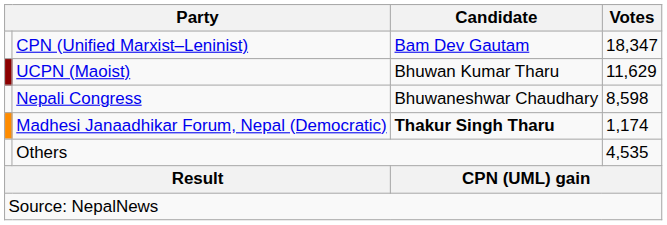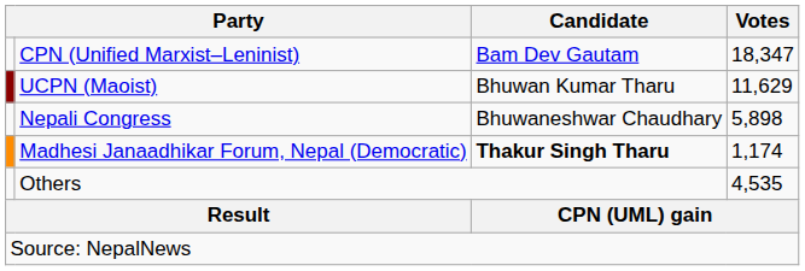 <table class="wikitable">
 <tr>
 <th colspan="2">Party</th>
 <th>Candidate</th>
 <th>Votes</th>
 </tr>
 <tr>
 <td style="background-color:"></td>
 <td><a href='#'>CPN (Unified Marxist–Leninist)</a></td>
 <td><a href='#'>Bam Dev Gautam</a></td>
 <td>18,347</td>
 </tr>
 <tr>
 <td style="background-color:darkred"></td>
 <td><a href='#'>UCPN (Maoist)</a></td>
 <td>Bhuwan Kumar Tharu</td>
 <td>11,629</td>
 </tr>
 <tr>
 <td style="background-color:"></td>
 <td><a href='#'>Nepali Congress</a></td>
 <td>Bhuwaneshwar Chaudhary</td>
-<td>8,598</td>
+<td>5,898</td>
 </tr>
 <tr>
 <td style="background-color:darkorange"></td>
 <td><a href='#'>Madhesi Janaadhikar Forum, Nepal (Democratic)</a></td>
 <td><strong>Thakur Singh Tharu</strong></td>
 <td>1,174</td>
 </tr>
 <tr>
 <td></td>
 <td colspan="2">Others</td>
 <td>4,535</td>
 </tr>
 <tr>
 <th colspan="2">Result</th>
 <th colspan="2">CPN (UML) gain</th>
 </tr>
 <tr>
 <td colspan="4">Source: NepalNews</td>
 </tr>
 </table>
